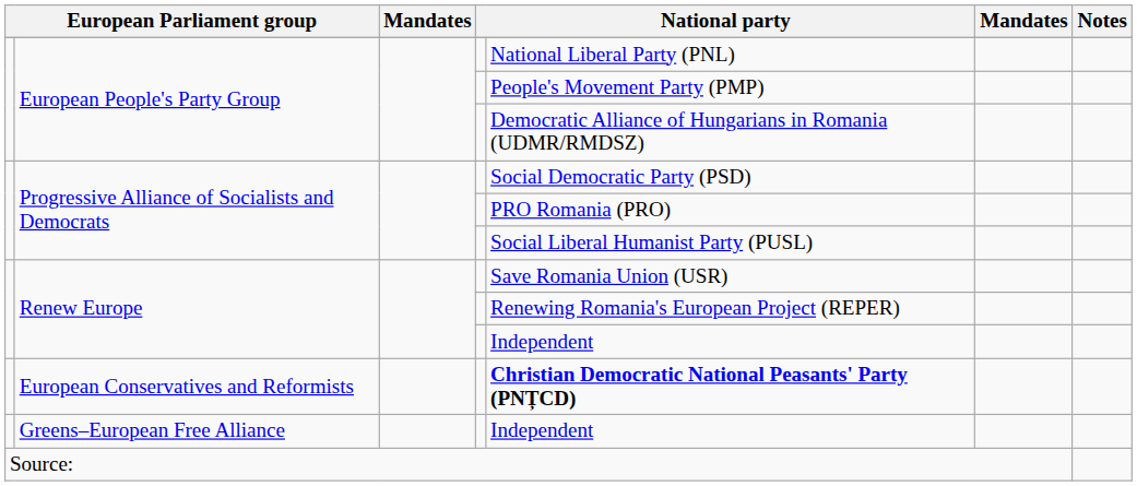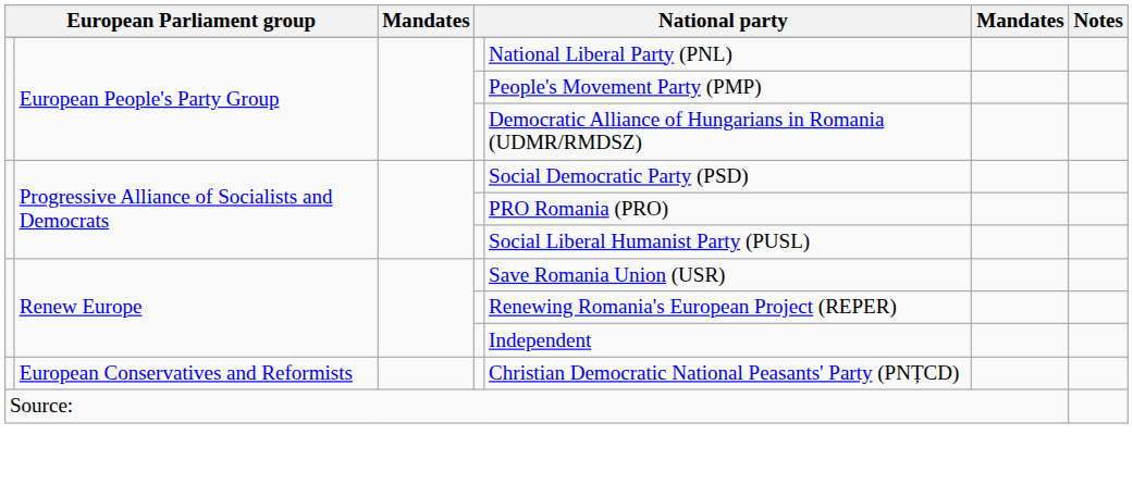 <table class="wikitable">
 <tr>
 <th colspan="2">European Parliament group</th>
 <th>Mandates</th>
 <th colspan="2">National party</th>
 <th>Mandates</th>
 <th>Notes</th>
 </tr>
 <tr>
 </tr>
 <tr>
 <td rowspan="3" style="background:"></td>
 <td rowspan="3"><a href='#'>European People's Party Group</a></td>
 <td rowspan="3"></td>
 <td style="background:"></td>
 <td><a href='#'>National Liberal Party</a> (PNL)</td>
 <td></td>
 <td align="center"></td>
 </tr>
 <tr>
 <td style="background:"></td>
 <td><a href='#'>People's Movement Party</a> (PMP)</td>
 <td></td>
 <td align="center"></td>
 </tr>
 <tr>
 <td style="background:"></td>
 <td><a href='#'>Democratic Alliance of Hungarians in Romania</a> (UDMR/RMDSZ)</td>
 <td></td>
 <td align="center"></td>
 </tr>
 <tr>
 <td rowspan="3" style="background:"></td>
 <td rowspan="3"><a href='#'>Progressive Alliance of Socialists and Democrats</a></td>
 <td rowspan="3"></td>
 <td style="background:"></td>
 <td><a href='#'>Social Democratic Party</a> (PSD)</td>
 <td></td>
 <td align="center"></td>
 </tr>
 <tr>
 <td style="background:"></td>
 <td><a href='#'>PRO Romania</a> (PRO)</td>
 <td></td>
 <td align="center"></td>
 </tr>
 <tr>
 <td style="background:"></td>
 <td><a href='#'>Social Liberal Humanist Party</a> (PUSL)</td>
 <td></td>
 <td align="center"></td>
 </tr>
 <tr>
 <td rowspan="3" style="background:"></td>
 <td rowspan="3"><a href='#'>Renew Europe</a></td>
 <td rowspan="3"></td>
 <td style="background:"></td>
 <td><a href='#'>Save Romania Union</a> (USR)</td>
 <td></td>
 <td align="center"></td>
 </tr>
 <tr>
 <td style="background:"></td>
 <td><a href='#'>Renewing Romania's European Project</a> (REPER)</td>
 <td></td>
 <td align="center"></td>
 </tr>
 <tr>
 <td style="background:"></td>
 <td><a href='#'>Independent</a></td>
 <td></td>
 <td align="center"></td>
 </tr>
 <tr>
 <td style="background:"></td>
 <td><a href='#'>European Conservatives and Reformists</a></td>
 <td></td>
 <td style="background:"></td>
-<td><strong><a href='#'>Christian Democratic National Peasants' Party</a> (PNȚCD)</strong></td>
-<td></td>
-<td align="center"></td>
-</tr>
-<tr>
-<td style="background:"></td>
-<td><a href='#'>Greens–European Free Alliance</a></td>
-<td></td>
-<td style="background:"></td>
-<td><a href='#'>Independent</a></td>
+<td><a href='#'>Christian Democratic National Peasants' Party</a> (PNȚCD)</td>
 <td></td>
 <td align="center"></td>
 </tr>
 <tr>
 <td colspan="6">Source: </td>
 </tr>
 </table>
